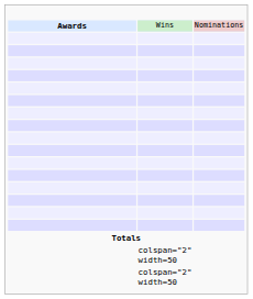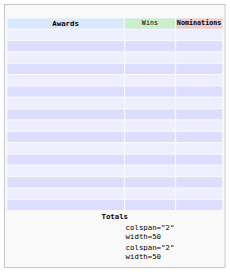 <table class="infobox" style="width: 30em; text-align: left; font-size: 90%; vertical-align: middle;">
 <tr>
 <td colspan="3" style="text-align:center;"><br></td>
 </tr>
 <tr style="background:#d9e8ff; text-align:center;">
 <th style="vertical-align: middle;">Awards</th>
 <td style="background:#cec; font-size:8pt; width:60px;">Wins</td>
-<td style="background:#ecc; font-size:8pt; width:60px;">Nominations</td>
+<td style="background:#ecc; font-size:8pt; width:60px;"><strong>Nominations</strong></td>
 </tr>
 <tr style="background:#eef;">
 <td style="text-align:center;"><br></td>
 <td></td>
 <td></td>
 </tr>
 <tr style="background:#ddf;">
 <td style="text-align:center;"><br></td>
 <td></td>
 <td></td>
 </tr>
 <tr style="background:#eef;">
 <td style="text-align:center;"><br></td>
 <td></td>
 <td></td>
 </tr>
 <tr style="background:#ddf;">
 <td style="text-align:center;"><br></td>
 <td></td>
 <td></td>
 </tr>
 <tr style="background:#eef;">
 <td style="text-align:center;"><br></td>
 <td></td>
 <td></td>
 </tr>
 <tr style="background:#ddf;">
 <td style="text-align:center;"><br></td>
 <td></td>
 <td></td>
 </tr>
 <tr style="background:#eef;">
 <td style="text-align:center;"><br></td>
 <td></td>
 <td></td>
 </tr>
 <tr style="background:#ddf;">
 <td style="text-align:center;"><br></td>
 <td></td>
 <td></td>
 </tr>
 <tr style="background:#eef;">
 <td style="text-align:center;"><br></td>
 <td></td>
 <td></td>
 </tr>
 <tr style="background:#ddf;">
 <td style="text-align:center;"><br></td>
 <td></td>
 <td></td>
 </tr>
 <tr style="background:#eef;">
 <td style="text-align:center;"><br></td>
 <td></td>
 <td></td>
 </tr>
 <tr style="background:#ddf;">
 <td style="text-align:center;"><br></td>
 <td></td>
 <td></td>
 </tr>
 <tr style="background:#eef;">
 <td style="text-align:center;"><br></td>
 <td></td>
 <td></td>
 </tr>
 <tr style="background:#ddf;">
 <td style="text-align:center;"><br></td>
 <td></td>
 <td></td>
 </tr>
 <tr style="background:#eef;">
 <td style="text-align:center;"><br></td>
 <td></td>
 <td></td>
 </tr>
 <tr style="background:#ddf;">
 <td style="text-align:center;"><br></td>
 <td></td>
 <td></td>
 </tr>
 <tr>
 <td colspan="3" style="text-align:center;"><strong>Totals</strong></td>
 </tr>
 <tr>
 <td></td>
 <td>colspan="2" width=50 </td>
 </tr>
 <tr>
 <td></td>
 <td>colspan="2" width=50 </td>
 </tr>
 <tr>
 <td colspan="3"></td>
 </tr>
 </table>
